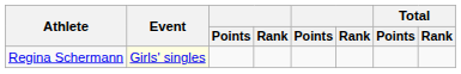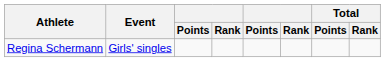 <table class="wikitable" style="font-size:90%">
 <tr>
 <th rowspan="2">Athlete</th>
 <th rowspan="2">Event</th>
 <th colspan="2"></th>
 <th colspan="2"></th>
 <th colspan="2">Total</th>
 </tr>
 <tr style="font-size:95%">
 <th>Points</th>
 <th>Rank</th>
 <th>Points</th>
 <th>Rank</th>
 <th>Points</th>
 <th>Rank</th>
 </tr>
 <tr align=center>
 <td align=left><a href='#'>Regina Schermann</a></td>
-<td align=left style="background: lightyellow;"><a href='#'>Girls' singles</a></td>
+<td align=left><a href='#'>Girls' singles</a></td>
 <td></td>
 <td></td>
 <td></td>
 <td></td>
 <td></td>
 <td></td>
 </tr>
 </table>
